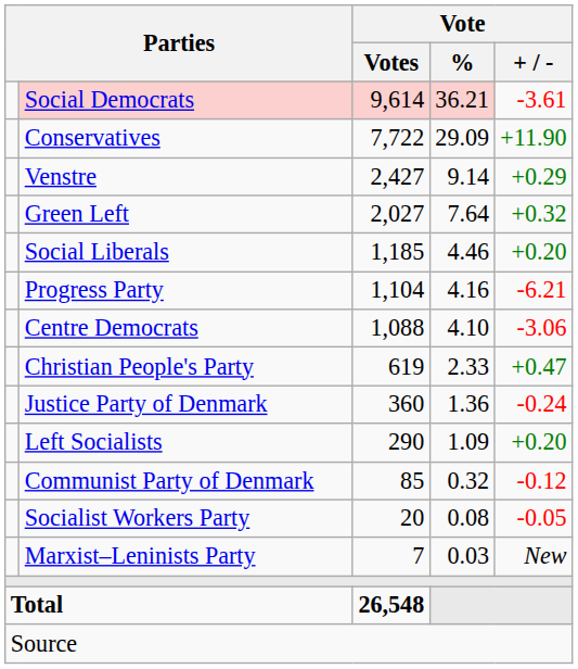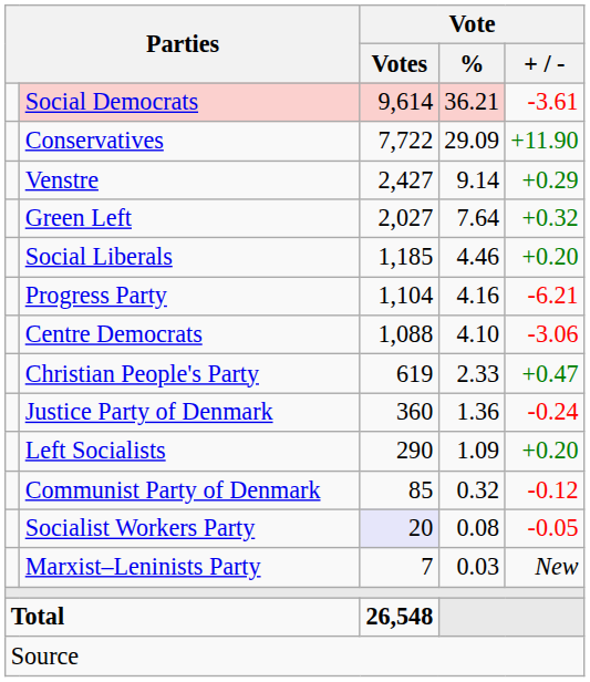 <table class="wikitable" style="text-align:right;">
 <tr>
 <th style="text-align:centre;" rowspan="2" colspan="2" width="225">Parties</th>
 <th colspan="3">Vote</th>
 </tr>
 <tr>
 <th width="15">Votes</th>
 <th width="15">%</th>
 <th width="15">+ / -</th>
 </tr>
 <tr>
 <td width="2" style="color:inherit;background:"></td>
 <td bgcolor=#fbd0ce  align="left"><a href='#'>Social Democrats</a></td>
 <td bgcolor=#fbd0ce>9,614</td>
 <td bgcolor=#fbd0ce>36.21</td>
 <td style=color:red;>-3.61</td>
 </tr>
 <tr>
 <td width="2" style="color:inherit;background:"></td>
 <td align="left"><a href='#'>Conservatives</a></td>
 <td>7,722</td>
 <td>29.09</td>
 <td style=color:green;>+11.90</td>
 </tr>
 <tr>
 <td width="2" style="color:inherit;background:"></td>
 <td align="left"><a href='#'>Venstre</a></td>
 <td>2,427</td>
 <td>9.14</td>
 <td style=color:green;>+0.29</td>
 </tr>
 <tr>
 <td width="2" style="color:inherit;background:"></td>
 <td align="left"><a href='#'>Green Left</a></td>
 <td>2,027</td>
 <td>7.64</td>
 <td style=color:green;>+0.32</td>
 </tr>
 <tr>
 <td width="2" style="color:inherit;background:"></td>
 <td align="left"><a href='#'>Social Liberals</a></td>
 <td>1,185</td>
 <td>4.46</td>
 <td style=color:green;>+0.20</td>
 </tr>
 <tr>
 <td width="2" style="color:inherit;background:"></td>
 <td align="left"><a href='#'>Progress Party</a></td>
 <td>1,104</td>
 <td>4.16</td>
 <td style=color:red;>-6.21</td>
 </tr>
 <tr>
 <td width="2" style="color:inherit;background:"></td>
 <td align="left"><a href='#'>Centre Democrats</a></td>
 <td>1,088</td>
 <td>4.10</td>
 <td style=color:red;>-3.06</td>
 </tr>
 <tr>
 <td width="2" style="color:inherit;background:"></td>
 <td align="left"><a href='#'>Christian People's Party</a></td>
 <td>619</td>
 <td>2.33</td>
 <td style=color:green;>+0.47</td>
 </tr>
 <tr>
 <td width="2" style="color:inherit;background:"></td>
 <td align="left"><a href='#'>Justice Party of Denmark</a></td>
 <td>360</td>
 <td>1.36</td>
 <td style=color:red;>-0.24</td>
 </tr>
 <tr>
 <td width="2" style="color:inherit;background:"></td>
 <td align="left"><a href='#'>Left Socialists</a></td>
 <td>290</td>
 <td>1.09</td>
 <td style=color:green;>+0.20</td>
 </tr>
 <tr>
 <td width="2" style="color:inherit;background:"></td>
 <td align="left"><a href='#'>Communist Party of Denmark</a></td>
 <td>85</td>
 <td>0.32</td>
 <td style=color:red;>-0.12</td>
 </tr>
 <tr>
 <td width="2" style="color:inherit;background:"></td>
 <td align="left"><a href='#'>Socialist Workers Party</a></td>
-<td>20</td>
+<td style="background: lavender;">20</td>
 <td>0.08</td>
 <td style=color:red;>-0.05</td>
 </tr>
 <tr>
 <td width="2" style="color:inherit;background:"></td>
 <td align="left"><a href='#'>Marxist–Leninists Party</a></td>
 <td>7</td>
 <td>0.03</td>
 <td><em>New</em></td>
 </tr>
 <tr>
 <td colspan="7" bgcolor="#E9E9E9"></td>
 </tr>
 <tr>
 <td align="left" colspan="2"><strong>Total</strong></td>
 <td><strong>26,548</strong></td>
 <td bgcolor="#E9E9E9" colspan="2"></td>
 </tr>
 <tr>
 <td align="left" colspan="6">Source</td>
 </tr>
 </table>
